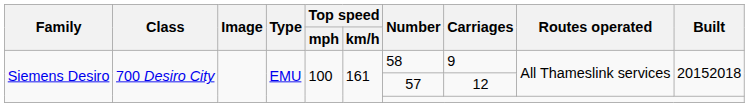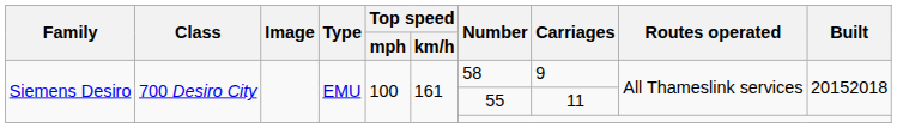 <table class="wikitable defaultcenter col1left col2left col9left">
 <tr>
 <th rowspan="2">Family</th>
 <th rowspan="2">Class</th>
 <th rowspan="2">Image</th>
 <th rowspan="2">Type</th>
 <th colspan="2">Top speed</th>
 <th rowspan="2">Number</th>
 <th rowspan="2">Carriages</th>
 <th rowspan="2">Routes operated</th>
 <th rowspan="2">Built</th>
 </tr>
 <tr>
 <th>mph</th>
 <th>km/h</th>
 </tr>
 <tr>
 <td rowspan="3"><a href='#'>Siemens Desiro</a></td>
 <td rowspan="3"><a href='#'>700 <em>Desiro City</em></a></td>
 <td rowspan="3"></td>
 <td rowspan="3"><a href='#'>EMU</a></td>
 <td rowspan="3">100</td>
 <td rowspan="3">161</td>
 <td>58</td>
 <td>9</td>
 <td rowspan="2">All Thameslink services</td>
 <td rowspan="2">20152018</td>
 </tr>
 <tr>
-<td style="text-align:center">57</td>
-<td style="text-align:center">12</td>
+<td style="text-align:center">55</td>
+<td style="text-align:center">11</td>
 </tr>
 <tr>
 <td colspan="4"></td>
 </tr>
 </table>
